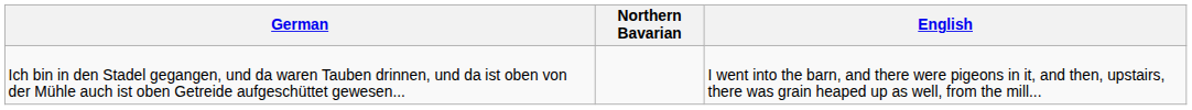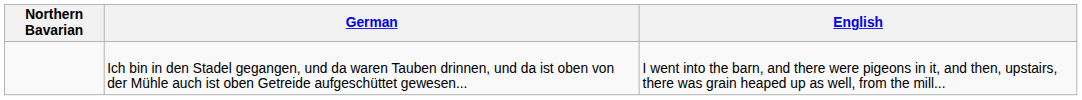 <table class="wikitable">
 <tr>
+<th>Northern Bavarian</th>
 <th><a href='#'>German</a></th>
-<th>Northern Bavarian</th>
 <th><a href='#'>English</a></th>
 </tr>
 <tr>
+<td><br></td>
 <td><br>Ich bin in den Stadel gegangen, und da waren Tauben drinnen, und da ist oben von der Mühle auch ist oben Getreide aufgeschüttet gewesen...</td>
-<td><br></td>
 <td><br>I went into the barn, and there were pigeons in it, and then, upstairs, there was grain heaped up as well, from the mill...</td>
 </tr>
 </table>
